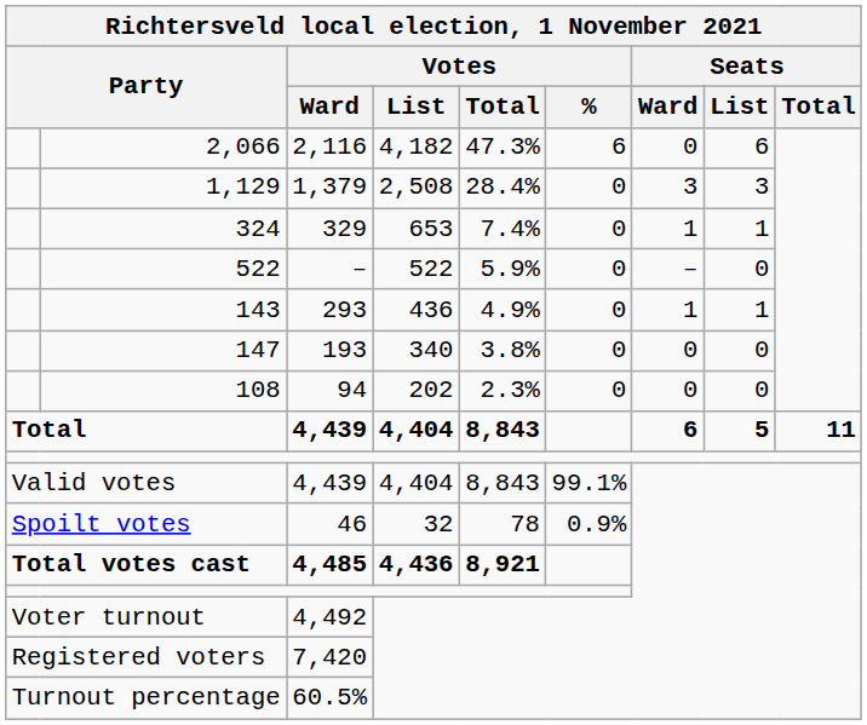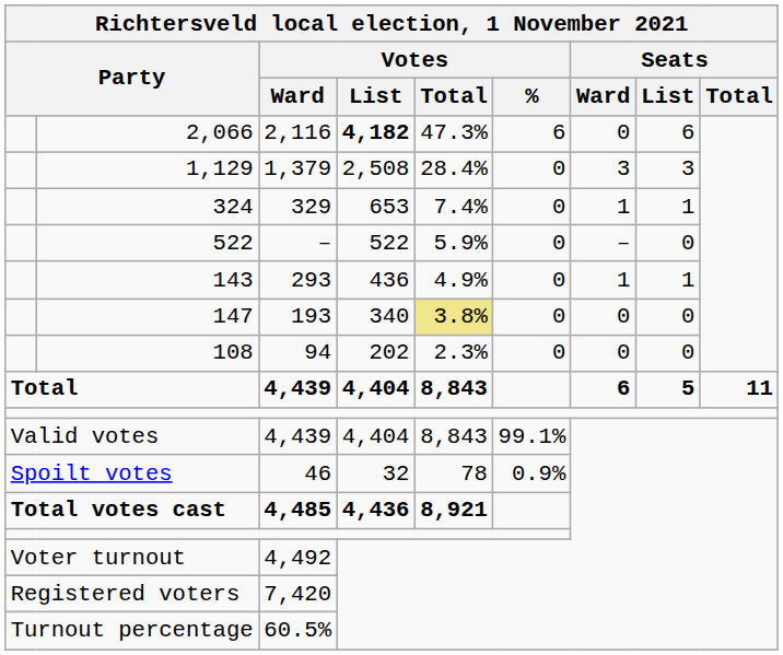 <table class=wikitable style="text-align:right">
 <tr>
 <th colspan="9" align="center">Richtersveld local election, 1 November 2021</th>
 </tr>
 <tr>
 <th rowspan="2" colspan="2">Party</th>
 <th colspan="4" align="center">Votes</th>
 <th colspan="3" align="center">Seats</th>
 </tr>
 <tr>
 <th>Ward</th>
 <th>List</th>
 <th>Total</th>
 <th>%</th>
 <th>Ward</th>
 <th>List</th>
 <th>Total</th>
 </tr>
 <tr>
 <td></td>
 <td>2,066</td>
 <td>2,116</td>
-<td>4,182</td>
+<td><strong>4,182</strong></td>
 <td>47.3%</td>
 <td>6</td>
 <td>0</td>
 <td>6</td>
 </tr>
 <tr>
 <td></td>
 <td>1,129</td>
 <td>1,379</td>
 <td>2,508</td>
 <td>28.4%</td>
 <td>0</td>
 <td>3</td>
 <td>3</td>
 </tr>
 <tr>
 <td></td>
 <td>324</td>
 <td>329</td>
 <td>653</td>
 <td>7.4%</td>
 <td>0</td>
 <td>1</td>
 <td>1</td>
 </tr>
 <tr>
 <td></td>
 <td>522</td>
 <td>–</td>
 <td>522</td>
 <td>5.9%</td>
 <td>0</td>
 <td>–</td>
 <td>0</td>
 </tr>
 <tr>
 <td></td>
 <td>143</td>
 <td>293</td>
 <td>436</td>
 <td>4.9%</td>
 <td>0</td>
 <td>1</td>
 <td>1</td>
 </tr>
 <tr>
 <td></td>
 <td>147</td>
 <td>193</td>
 <td>340</td>
-<td>3.8%</td>
+<td style="background: khaki;">3.8%</td>
 <td>0</td>
 <td>0</td>
 <td>0</td>
 </tr>
 <tr>
 <td></td>
 <td>108</td>
 <td>94</td>
 <td>202</td>
 <td>2.3%</td>
 <td>0</td>
 <td>0</td>
 <td>0</td>
 </tr>
 <tr>
 <td colspan="2" style="text-align:left"><strong>Total</strong></td>
 <td><strong>4,439</strong></td>
 <td><strong>4,404</strong></td>
 <td><strong>8,843</strong></td>
 <td></td>
 <td><strong>6</strong></td>
 <td><strong>5</strong></td>
 <td><strong>11</strong></td>
 </tr>
 <tr>
 <td colspan="9"></td>
 </tr>
 <tr>
 <td colspan="2" style="text-align:left">Valid votes</td>
 <td>4,439</td>
 <td>4,404</td>
 <td>8,843</td>
 <td>99.1%</td>
 </tr>
 <tr>
 <td colspan="2" style="text-align:left"><a href='#'>Spoilt votes</a></td>
 <td>46</td>
 <td>32</td>
 <td>78</td>
 <td>0.9%</td>
 </tr>
 <tr>
 <td colspan="2" style="text-align:left"><strong>Total votes cast</strong></td>
 <td><strong>4,485</strong></td>
 <td><strong>4,436</strong></td>
 <td><strong>8,921</strong></td>
 <td></td>
 </tr>
 <tr>
 <td colspan="6"></td>
 </tr>
 <tr>
 <td colspan="2" style="text-align:left">Voter turnout</td>
 <td>4,492</td>
 </tr>
 <tr>
 <td colspan="2" style="text-align:left">Registered voters</td>
 <td>7,420</td>
 </tr>
 <tr>
 <td colspan="2" style="text-align:left">Turnout percentage</td>
 <td>60.5%</td>
 </tr>
 </table>
